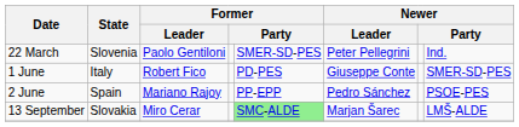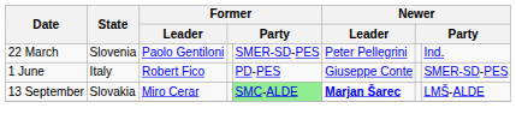 <table class="wikitable">
 <tr>
 <th rowspan=2>Date</th>
 <th rowspan=2>State</th>
 <th colspan=3>Former</th>
 <th colspan=3>Newer</th>
 </tr>
 <tr>
 <th>Leader</th>
 <th colspan=2>Party</th>
 <th>Leader</th>
 <th colspan=2>Party</th>
 </tr>
 <tr>
 <td>22 March</td>
 <td>Slovenia</td>
 <td><a href='#'>Paolo Gentiloni</a></td>
 <td style="background-color:"></td>
 <td><a href='#'>SMER-SD</a>-<a href='#'>PES</a></td>
 <td><a href='#'>Peter Pellegrini</a></td>
 <td style="background-color:"></td>
 <td><a href='#'>Ind.</a></td>
 </tr>
 <tr>
 <td>1 June</td>
 <td>Italy</td>
 <td><a href='#'>Robert Fico</a></td>
 <td style="background-color:"></td>
 <td><a href='#'>PD</a>-<a href='#'>PES</a></td>
 <td><a href='#'>Giuseppe Conte</a></td>
 <td style="background-color:"></td>
 <td><a href='#'>SMER-SD</a>-<a href='#'>PES</a></td>
 </tr>
 <tr>
-<td>2 June</td>
-<td>Spain</td>
-<td><a href='#'>Mariano Rajoy</a></td>
-<td style="background-color:"></td>
-<td><a href='#'>PP</a>-<a href='#'>EPP</a></td>
-<td><a href='#'>Pedro Sánchez</a></td>
-<td style="background-color:"></td>
-<td><a href='#'>PSOE</a>-<a href='#'>PES</a></td>
-</tr>
-<tr>
 <td>13 September</td>
 <td>Slovakia</td>
 <td><a href='#'>Miro Cerar</a></td>
 <td style="background-color:"></td>
 <td style="background: lightgreen;"><a href='#'>SMC</a>-<a href='#'>ALDE</a></td>
-<td><a href='#'>Marjan Šarec</a></td>
+<td><strong><a href='#'>Marjan Šarec</a></strong></td>
 <td style="background-color:"></td>
 <td><a href='#'>LMŠ</a>-<a href='#'>ALDE</a></td>
 </tr>
 <tr>
 </tr>
 </table>
